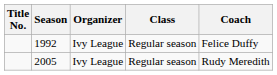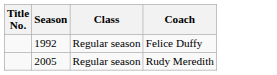 <table class= "wikitable">
 <tr>
 <th width=px>Title<br>No.</th>
 <th width=px>Season</th>
-<th width=px>Organizer</th>
 <th width=px>Class</th>
 <th width=px>Coach</th>
 </tr>
 <tr>
 <td></td>
 <td>1992</td>
-<td>Ivy League</td>
 <td>Regular season</td>
 <td>Felice Duffy</td>
 </tr>
 <tr>
 <td></td>
 <td>2005</td>
-<td>Ivy League</td>
 <td>Regular season</td>
 <td>Rudy Meredith</td>
 </tr>
 </table>
